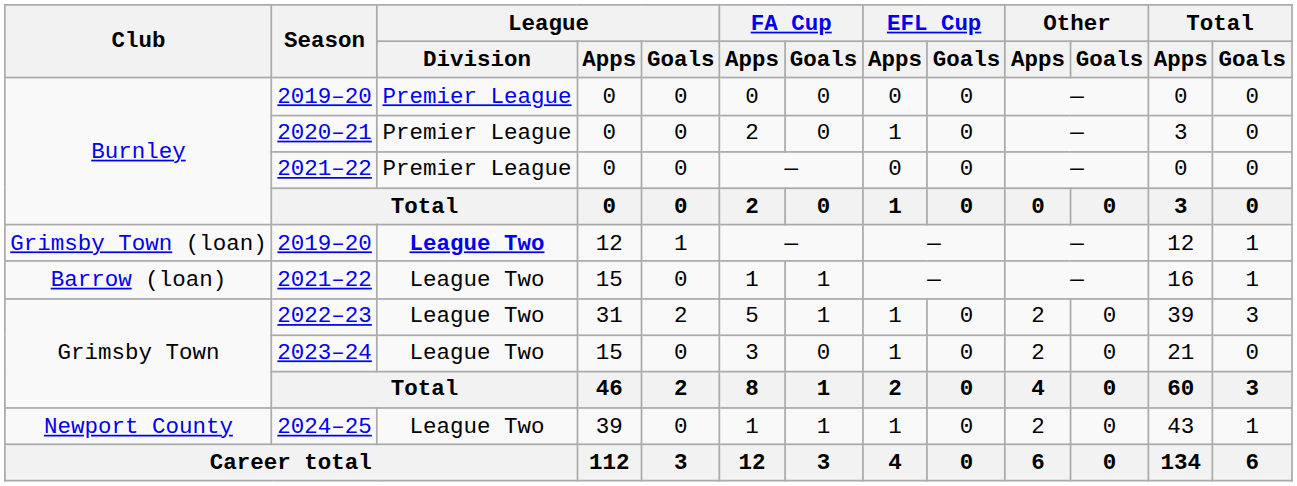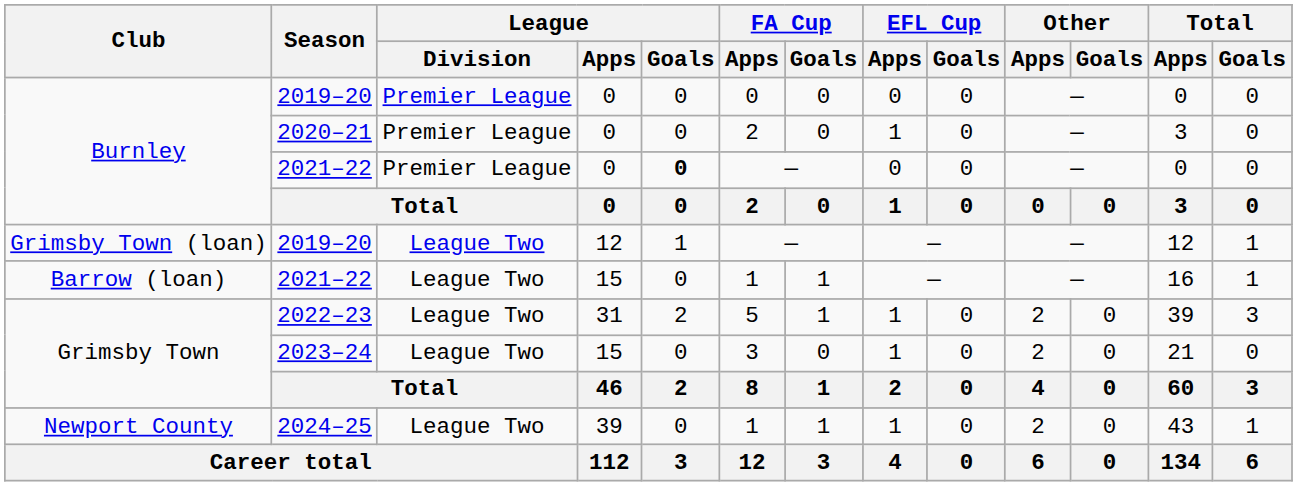 <table class=wikitable style=text-align:center>
 <tr>
 <th rowspan=2>Club</th>
 <th rowspan=2>Season</th>
 <th colspan=3>League</th>
 <th colspan=2><a href='#'>FA Cup</a></th>
 <th colspan=2><a href='#'>EFL Cup</a></th>
 <th colspan=2>Other</th>
 <th colspan=2>Total</th>
 </tr>
 <tr>
 <th>Division</th>
 <th>Apps</th>
 <th>Goals</th>
 <th>Apps</th>
 <th>Goals</th>
 <th>Apps</th>
 <th>Goals</th>
 <th>Apps</th>
 <th>Goals</th>
 <th>Apps</th>
 <th>Goals</th>
 </tr>
 <tr>
 <td rowspan="4"><a href='#'>Burnley</a></td>
 <td><a href='#'>2019–20</a></td>
 <td><a href='#'>Premier League</a></td>
 <td>0</td>
 <td>0</td>
 <td>0</td>
 <td>0</td>
 <td>0</td>
 <td>0</td>
 <td colspan=2>—</td>
 <td>0</td>
 <td>0</td>
 </tr>
 <tr>
 <td><a href='#'>2020–21</a></td>
 <td>Premier League</td>
 <td>0</td>
 <td>0</td>
 <td>2</td>
 <td>0</td>
 <td>1</td>
 <td>0</td>
 <td colspan=2>—</td>
 <td>3</td>
 <td>0</td>
 </tr>
 <tr>
 <td><a href='#'>2021–22</a></td>
 <td>Premier League</td>
 <td>0</td>
-<td>0</td>
+<td><strong>0</strong></td>
 <td colspan=2>—</td>
 <td>0</td>
 <td>0</td>
 <td colspan=2>—</td>
 <td>0</td>
 <td>0</td>
 </tr>
 <tr>
 <th colspan="2">Total</th>
 <th>0</th>
 <th>0</th>
 <th>2</th>
 <th>0</th>
 <th>1</th>
 <th>0</th>
 <th>0</th>
 <th>0</th>
 <th>3</th>
 <th>0</th>
 </tr>
 <tr>
 <td><a href='#'>Grimsby Town</a> (loan)</td>
 <td><a href='#'>2019–20</a></td>
-<td><strong><a href='#'>League Two</a></strong></td>
+<td><a href='#'>League Two</a></td>
 <td>12</td>
 <td>1</td>
 <td colspan=2>—</td>
 <td colspan=2>—</td>
 <td colspan=2>—</td>
 <td>12</td>
 <td>1</td>
 </tr>
 <tr>
 <td><a href='#'>Barrow</a> (loan)</td>
 <td><a href='#'>2021–22</a></td>
 <td>League Two</td>
 <td>15</td>
 <td>0</td>
 <td>1</td>
 <td>1</td>
 <td colspan=2>—</td>
 <td colspan=2>—</td>
 <td>16</td>
 <td>1</td>
 </tr>
 <tr>
 <td rowspan="3">Grimsby Town</td>
 <td><a href='#'>2022–23</a></td>
 <td>League Two</td>
 <td>31</td>
 <td>2</td>
 <td>5</td>
 <td>1</td>
 <td>1</td>
 <td>0</td>
 <td>2</td>
 <td>0</td>
 <td>39</td>
 <td>3</td>
 </tr>
 <tr>
 <td><a href='#'>2023–24</a></td>
 <td>League Two</td>
 <td>15</td>
 <td>0</td>
 <td>3</td>
 <td>0</td>
 <td>1</td>
 <td>0</td>
 <td>2</td>
 <td>0</td>
 <td>21</td>
 <td>0</td>
 </tr>
 <tr>
 <th colspan="2">Total</th>
 <th>46</th>
 <th>2</th>
 <th>8</th>
 <th>1</th>
 <th>2</th>
 <th>0</th>
 <th>4</th>
 <th>0</th>
 <th>60</th>
 <th>3</th>
 </tr>
 <tr>
 <td><a href='#'>Newport County</a></td>
 <td><a href='#'>2024–25</a></td>
 <td>League Two</td>
 <td>39</td>
 <td>0</td>
 <td>1</td>
 <td>1</td>
 <td>1</td>
 <td>0</td>
 <td>2</td>
 <td>0</td>
 <td>43</td>
 <td>1</td>
 </tr>
 <tr>
 <th colspan=3>Career total</th>
 <th>112</th>
 <th>3</th>
 <th>12</th>
 <th>3</th>
 <th>4</th>
 <th>0</th>
 <th>6</th>
 <th>0</th>
 <th>134</th>
 <th>6</th>
 </tr>
 </table>
